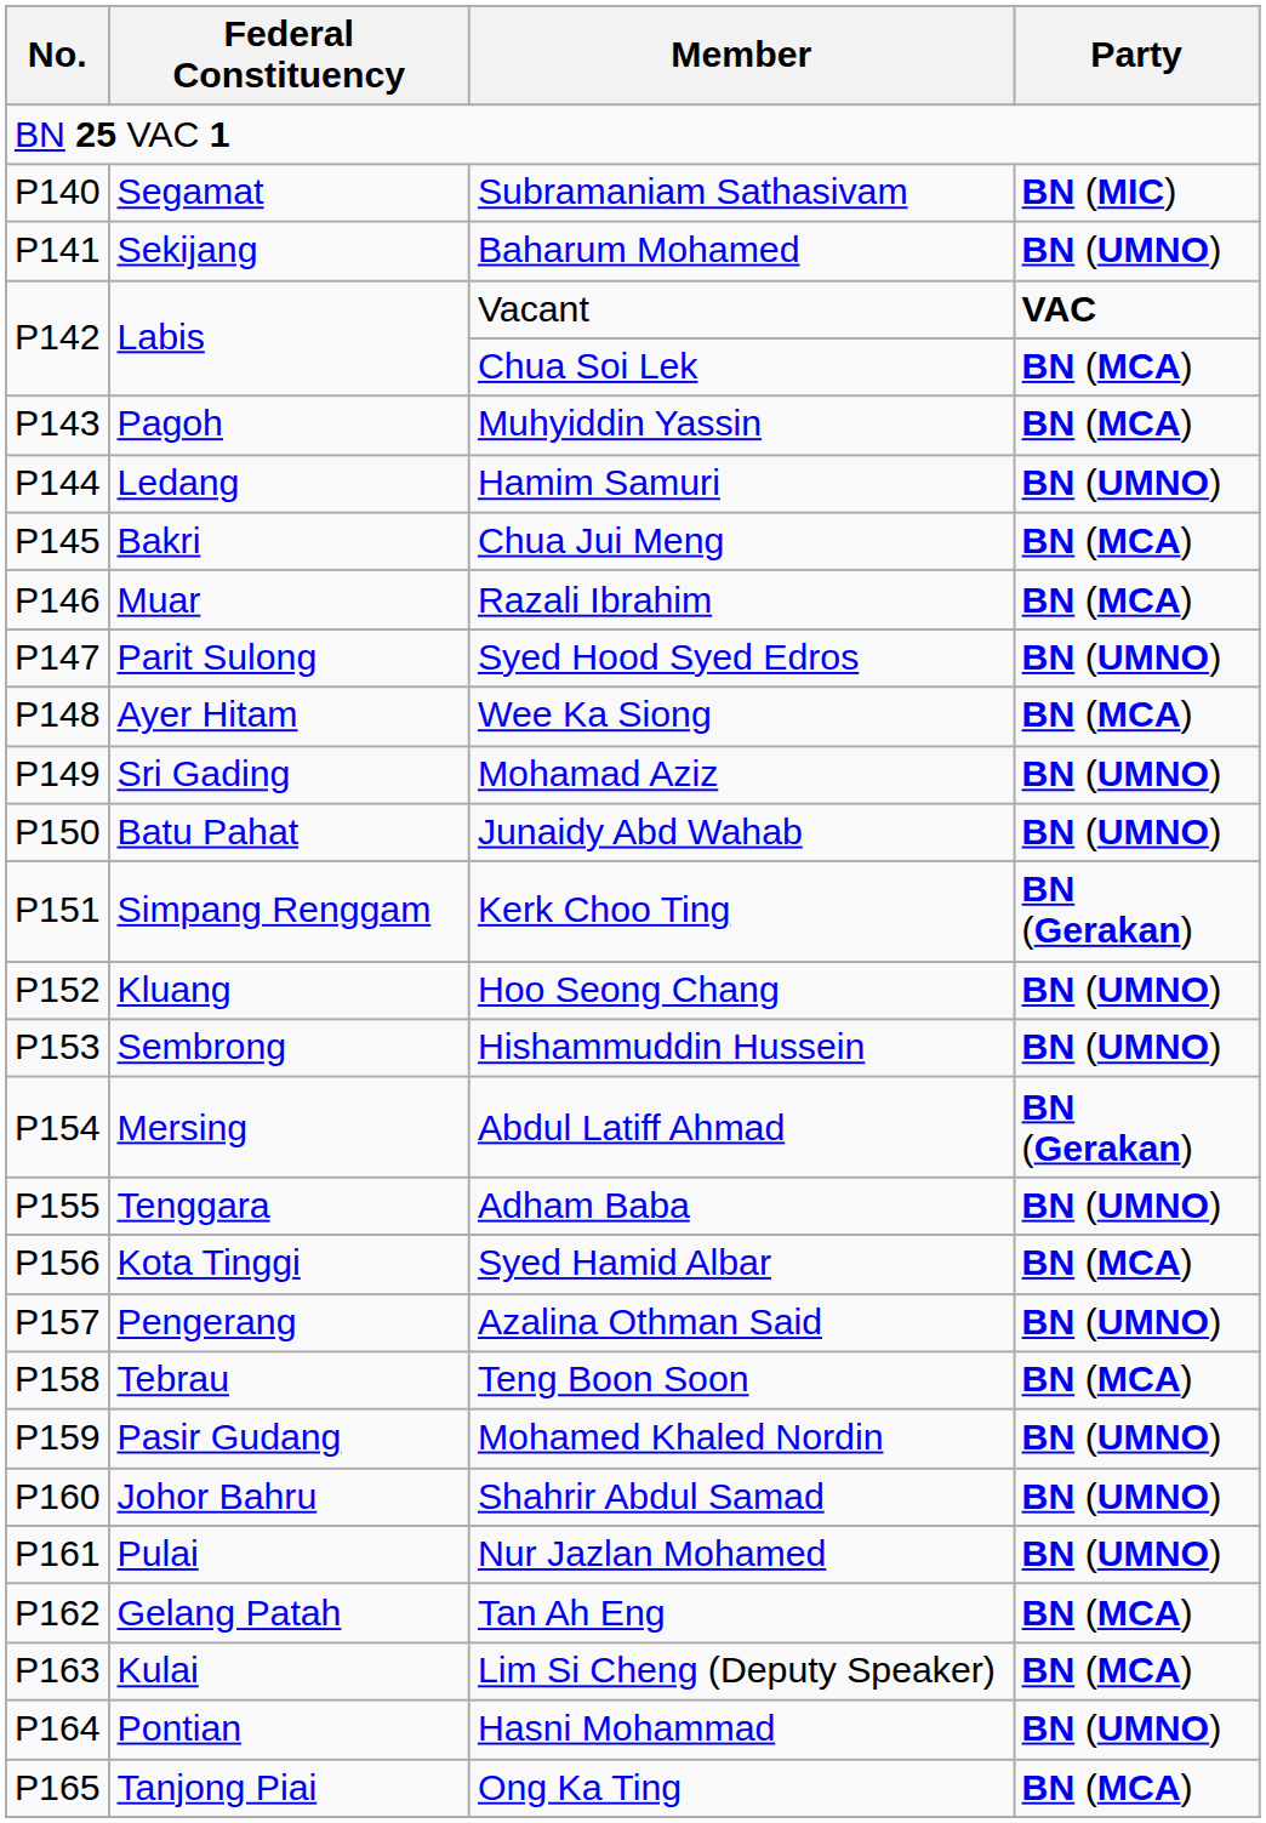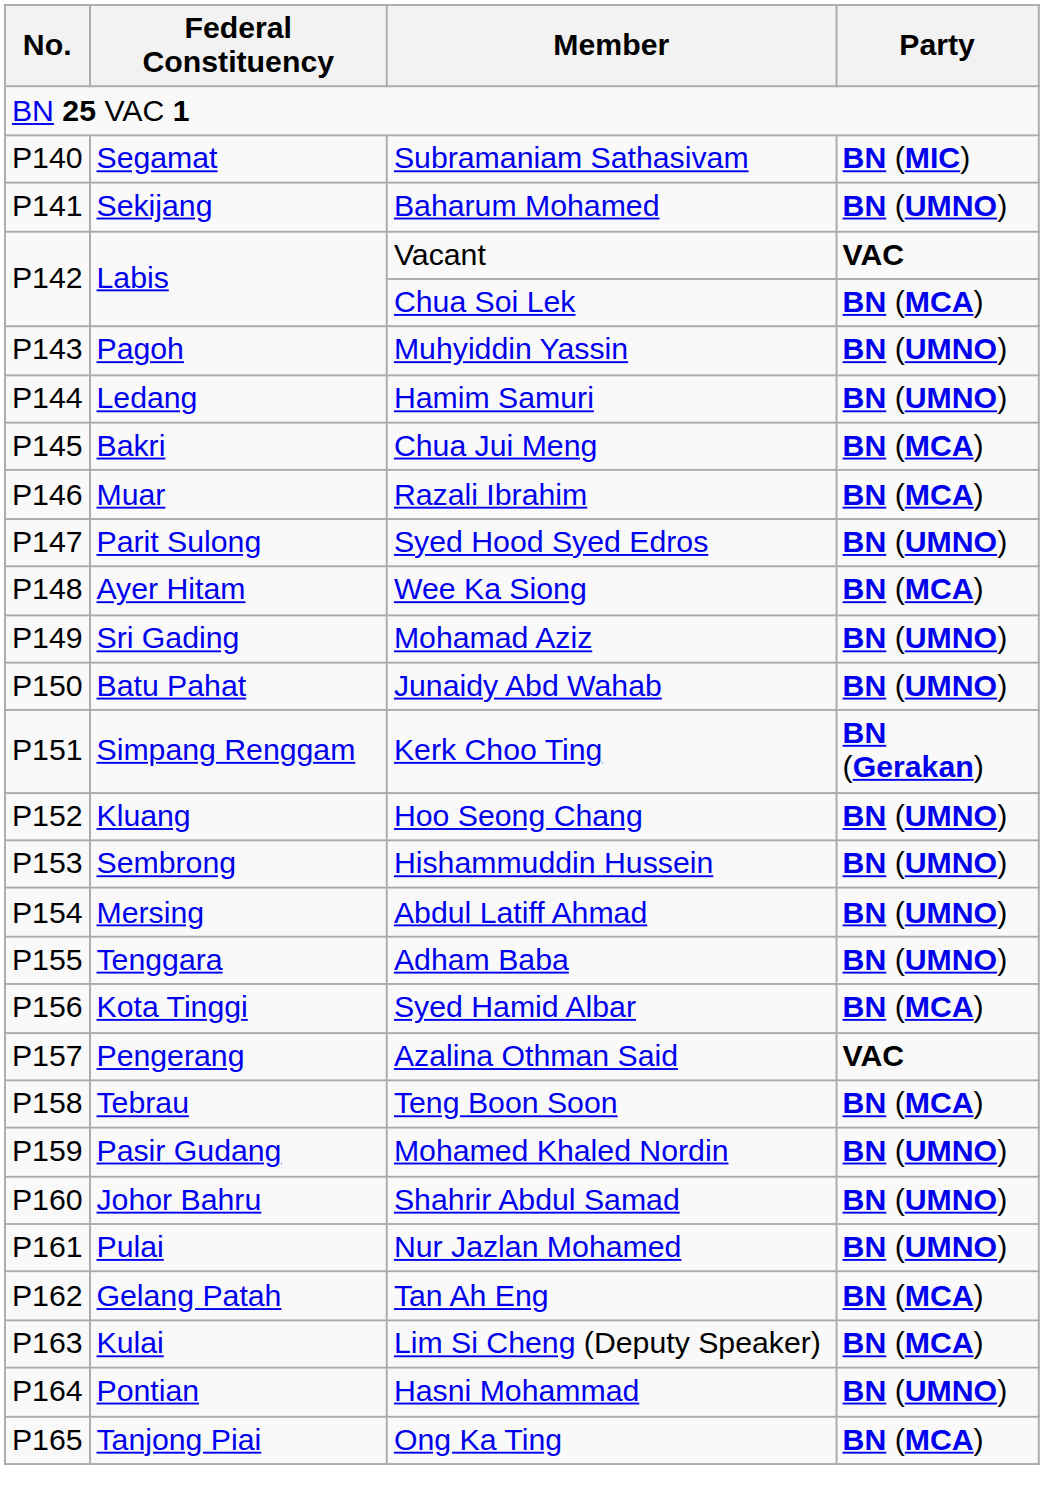 <table class="wikitable sortable">
 <tr>
 <th style="width:30px;">No.</th>
 <th style="width:150px;">Federal Constituency</th>
 <th style="width:230px;">Member</th>
 <th style="width:100px;">Party</th>
 </tr>
 <tr>
 <td colspan="4"><a href='#'>BN</a> <strong>25</strong> VAC <strong>1</strong></td>
 </tr>
 <tr>
 <td>P140</td>
 <td><a href='#'>Segamat</a></td>
 <td><a href='#'>Subramaniam Sathasivam</a></td>
 <td><strong><a href='#'>BN</a></strong> (<strong><a href='#'>MIC</a></strong>)</td>
 </tr>
 <tr>
 <td>P141</td>
 <td><a href='#'>Sekijang</a></td>
 <td><a href='#'>Baharum Mohamed</a></td>
 <td><strong><a href='#'>BN</a></strong> (<strong><a href='#'>UMNO</a></strong>)</td>
 </tr>
 <tr>
 <td rowspan="2">P142</td>
 <td rowspan="2"><a href='#'>Labis</a></td>
 <td>Vacant </td>
 <td><strong>VAC</strong></td>
 </tr>
 <tr>
 <td><a href='#'>Chua Soi Lek</a></td>
 <td><strong><a href='#'>BN</a></strong> (<strong><a href='#'>MCA</a></strong>)</td>
 </tr>
 <tr>
 <td>P143</td>
 <td><a href='#'>Pagoh</a></td>
 <td><a href='#'>Muhyiddin Yassin</a></td>
-<td><strong><a href='#'>BN</a></strong> (<strong><a href='#'>MCA</a></strong>)</td>
+<td><strong><a href='#'>BN</a></strong> (<strong><a href='#'>UMNO</a></strong>)</td>
 </tr>
 <tr>
 <td>P144</td>
 <td><a href='#'>Ledang</a></td>
 <td><a href='#'>Hamim Samuri</a></td>
 <td><strong><a href='#'>BN</a></strong> (<strong><a href='#'>UMNO</a></strong>)</td>
 </tr>
 <tr>
 <td>P145</td>
 <td><a href='#'>Bakri</a></td>
 <td><a href='#'>Chua Jui Meng</a></td>
 <td><strong><a href='#'>BN</a></strong> (<strong><a href='#'>MCA</a></strong>)</td>
 </tr>
 <tr>
 <td>P146</td>
 <td><a href='#'>Muar</a></td>
 <td><a href='#'>Razali Ibrahim</a></td>
 <td><strong><a href='#'>BN</a></strong> (<strong><a href='#'>MCA</a></strong>)</td>
 </tr>
 <tr>
 <td>P147</td>
 <td><a href='#'>Parit Sulong</a></td>
 <td><a href='#'>Syed Hood Syed Edros</a></td>
 <td><strong><a href='#'>BN</a></strong> (<strong><a href='#'>UMNO</a></strong>)</td>
 </tr>
 <tr>
 <td>P148</td>
 <td><a href='#'>Ayer Hitam</a></td>
 <td><a href='#'>Wee Ka Siong</a></td>
 <td><strong><a href='#'>BN</a></strong> (<strong><a href='#'>MCA</a></strong>)</td>
 </tr>
 <tr>
 <td>P149</td>
 <td><a href='#'>Sri Gading</a></td>
 <td><a href='#'>Mohamad Aziz</a></td>
 <td><strong><a href='#'>BN</a></strong> (<strong><a href='#'>UMNO</a></strong>)</td>
 </tr>
 <tr>
 <td>P150</td>
 <td><a href='#'>Batu Pahat</a></td>
 <td><a href='#'>Junaidy Abd Wahab</a></td>
 <td><strong><a href='#'>BN</a></strong> (<strong><a href='#'>UMNO</a></strong>)</td>
 </tr>
 <tr>
 <td>P151</td>
 <td><a href='#'>Simpang Renggam</a></td>
 <td><a href='#'>Kerk Choo Ting</a></td>
 <td><strong><a href='#'>BN</a></strong> (<strong><a href='#'>Gerakan</a></strong>)</td>
 </tr>
 <tr>
 <td>P152</td>
 <td><a href='#'>Kluang</a></td>
 <td><a href='#'>Hoo Seong Chang</a></td>
 <td><strong><a href='#'>BN</a></strong> (<strong><a href='#'>UMNO</a></strong>)</td>
 </tr>
 <tr>
 <td>P153</td>
 <td><a href='#'>Sembrong</a></td>
 <td><a href='#'>Hishammuddin Hussein</a></td>
 <td><strong><a href='#'>BN</a></strong> (<strong><a href='#'>UMNO</a></strong>)</td>
 </tr>
 <tr>
 <td>P154</td>
 <td><a href='#'>Mersing</a></td>
 <td><a href='#'>Abdul Latiff Ahmad</a></td>
-<td><strong><a href='#'>BN</a></strong> (<strong><a href='#'>Gerakan</a></strong>)</td>
+<td><strong><a href='#'>BN</a></strong> (<strong><a href='#'>UMNO</a></strong>)</td>
 </tr>
 <tr>
 <td>P155</td>
 <td><a href='#'>Tenggara</a></td>
 <td><a href='#'>Adham Baba</a></td>
 <td><strong><a href='#'>BN</a></strong> (<strong><a href='#'>UMNO</a></strong>)</td>
 </tr>
 <tr>
 <td>P156</td>
 <td><a href='#'>Kota Tinggi</a></td>
 <td><a href='#'>Syed Hamid Albar</a></td>
 <td><strong><a href='#'>BN</a></strong> (<strong><a href='#'>MCA</a></strong>)</td>
 </tr>
 <tr>
 <td>P157</td>
 <td><a href='#'>Pengerang</a></td>
 <td><a href='#'>Azalina Othman Said</a></td>
-<td><strong><a href='#'>BN</a></strong> (<strong><a href='#'>UMNO</a></strong>)</td>
+<td><strong>VAC</strong></td>
 </tr>
 <tr>
 <td>P158</td>
 <td><a href='#'>Tebrau</a></td>
 <td><a href='#'>Teng Boon Soon</a></td>
 <td><strong><a href='#'>BN</a></strong> (<strong><a href='#'>MCA</a></strong>)</td>
 </tr>
 <tr>
 <td>P159</td>
 <td><a href='#'>Pasir Gudang</a></td>
 <td><a href='#'>Mohamed Khaled Nordin</a></td>
 <td><strong><a href='#'>BN</a></strong> (<strong><a href='#'>UMNO</a></strong>)</td>
 </tr>
 <tr>
 <td>P160</td>
 <td><a href='#'>Johor Bahru</a></td>
 <td><a href='#'>Shahrir Abdul Samad</a></td>
 <td><strong><a href='#'>BN</a></strong> (<strong><a href='#'>UMNO</a></strong>)</td>
 </tr>
 <tr>
 <td>P161</td>
 <td><a href='#'>Pulai</a></td>
 <td><a href='#'>Nur Jazlan Mohamed</a></td>
 <td><strong><a href='#'>BN</a></strong> (<strong><a href='#'>UMNO</a></strong>)</td>
 </tr>
 <tr>
 <td>P162</td>
 <td><a href='#'>Gelang Patah</a></td>
 <td><a href='#'>Tan Ah Eng</a></td>
 <td><strong><a href='#'>BN</a></strong> (<strong><a href='#'>MCA</a></strong>)</td>
 </tr>
 <tr>
 <td>P163</td>
 <td><a href='#'>Kulai</a></td>
 <td><a href='#'>Lim Si Cheng</a> (Deputy Speaker)</td>
 <td><strong><a href='#'>BN</a></strong> (<strong><a href='#'>MCA</a></strong>)</td>
 </tr>
 <tr>
 <td>P164</td>
 <td><a href='#'>Pontian</a></td>
 <td><a href='#'>Hasni Mohammad</a></td>
 <td><strong><a href='#'>BN</a></strong> (<strong><a href='#'>UMNO</a></strong>)</td>
 </tr>
 <tr>
 <td>P165</td>
 <td><a href='#'>Tanjong Piai</a></td>
 <td><a href='#'>Ong Ka Ting</a></td>
 <td><strong><a href='#'>BN</a></strong> (<strong><a href='#'>MCA</a></strong>)</td>
 </tr>
 </table>
